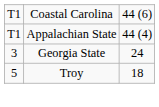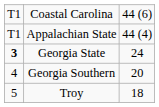 <table class="wikitable" style="display: inline-table;">
 <tr align="center">
 <td>T1</td>
 <td>Coastal Carolina</td>
 <td>44 (6)</td>
 </tr>
 <tr align="center">
 <td>T1</td>
 <td>Appalachian State</td>
 <td>44 (4)</td>
 </tr>
 <tr align="center">
-<td>3</td>
+<td><strong>3</strong></td>
 <td>Georgia State</td>
 <td>24</td>
+</tr>
+<tr align="center">
+<td>4</td>
+<td>Georgia Southern</td>
+<td>20</td>
 </tr>
 <tr align="center">
 <td>5</td>
 <td>Troy</td>
 <td>18</td>
 </tr>
 </table>
